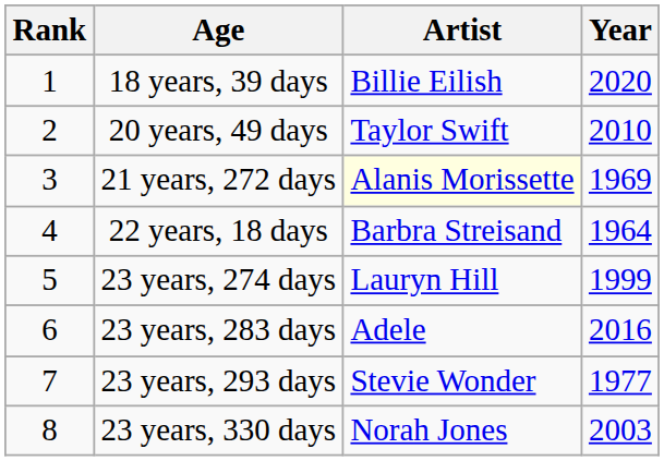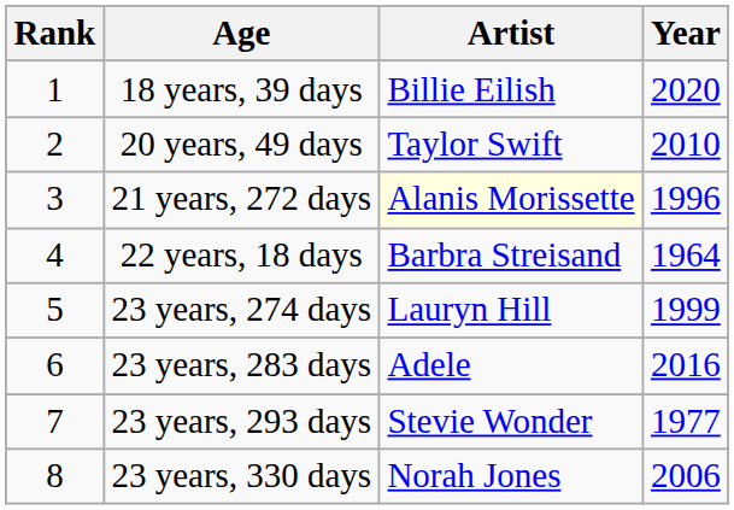 <table class="wikitable" style="text-align: center; cellpadding: 2;">
 <tr>
 <th>Rank</th>
 <th>Age</th>
 <th>Artist</th>
 <th>Year</th>
 </tr>
 <tr>
 <td>1</td>
 <td>18 years, 39 days</td>
 <td style="text-align: left;"><a href='#'>Billie Eilish</a></td>
 <td><a href='#'>2020</a></td>
 </tr>
 <tr>
 <td>2</td>
 <td>20 years, 49 days</td>
 <td style="text-align: left;"><a href='#'>Taylor Swift</a></td>
 <td><a href='#'>2010</a></td>
 </tr>
 <tr>
 <td>3</td>
 <td>21 years, 272 days</td>
 <td style="background: lightyellow; text-align: left;"><a href='#'>Alanis Morissette</a></td>
-<td><a href='#'>1969</a></td>
+<td><a href='#'>1996</a></td>
 </tr>
 <tr>
 <td>4</td>
 <td>22 years, 18 days</td>
 <td style="text-align: left;"><a href='#'>Barbra Streisand</a></td>
 <td><a href='#'>1964</a></td>
 </tr>
 <tr>
 <td>5</td>
 <td>23 years, 274 days</td>
 <td style="text-align: left;"><a href='#'>Lauryn Hill</a></td>
 <td><a href='#'>1999</a></td>
 </tr>
 <tr>
 <td>6</td>
 <td>23 years, 283 days</td>
 <td style="text-align: left;"><a href='#'>Adele</a></td>
 <td><a href='#'>2016</a></td>
 </tr>
 <tr>
 <td>7</td>
 <td>23 years, 293 days</td>
 <td style="text-align: left;"><a href='#'>Stevie Wonder</a></td>
 <td><a href='#'>1977</a></td>
 </tr>
 <tr>
 <td>8</td>
 <td>23 years, 330 days</td>
 <td style="text-align: left;"><a href='#'>Norah Jones</a></td>
-<td><a href='#'>2003</a></td>
+<td><a href='#'>2006</a></td>
 </tr>
 </table>
